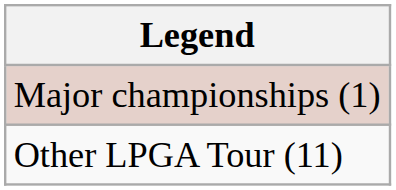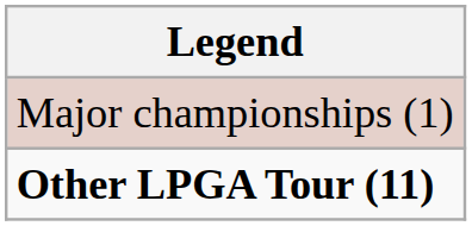 <table class="wikitable" style="font-size:95%;">
 <tr>
 <th>Legend</th>
 </tr>
 <tr style="background:#e5d1cb;">
 <td>Major championships (1)</td>
 </tr>
 <tr>
-<td>Other LPGA Tour (11)</td>
+<td><strong>Other LPGA Tour (11)</strong></td>
 </tr>
 </table>
